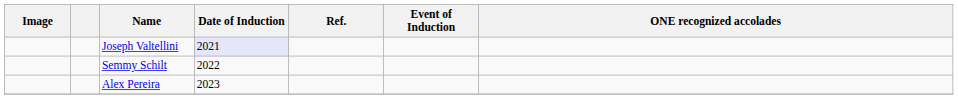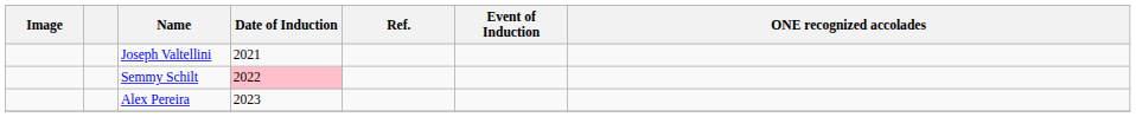 <table class="wikitable sortable" style="font-size: 95%">
 <tr>
 <th style="width:7%;">Image</th>
 <th width=3%></th>
 <th style="width:10%;">Name</th>
 <th style="width:10%;">Date of Induction</th>
 <th style="width:10%;">Ref.</th>
 <th style="width:10%;">Event of Induction</th>
 <th class="unsortable"><strong>ONE recognized accolades</strong></th>
 </tr>
 <tr>
 <td></td>
 <td></td>
 <td><a href='#'>Joseph Valtellini</a></td>
-<td style="background: lavender;">2021</td>
+<td>2021</td>
 <td></td>
 <td></td>
 <td></td>
 </tr>
 <tr>
 <td></td>
 <td></td>
 <td><a href='#'>Semmy Schilt</a></td>
-<td>2022</td>
+<td style="background: pink;">2022</td>
 <td></td>
 <td></td>
 <td></td>
 </tr>
 <tr>
 <td></td>
 <td></td>
 <td><a href='#'>Alex Pereira</a></td>
 <td>2023</td>
 <td></td>
 <td></td>
 <td></td>
 </tr>
 <tr>
 </tr>
 </table>
